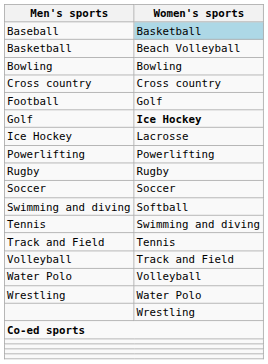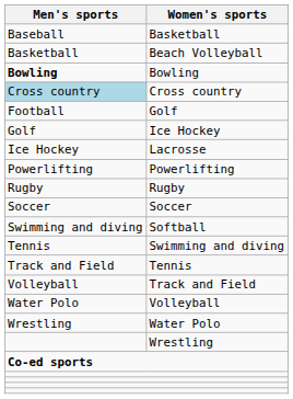 <table class="wikitable" style=" ">
 <tr>
 <th width=150px>Men's sports</th>
 <th width=150px>Women's sports</th>
 </tr>
 <tr>
 <td>Baseball</td>
-<td style="background: lightblue;">Basketball</td>
+<td>Basketball</td>
 </tr>
 <tr>
 <td>Basketball</td>
 <td>Beach Volleyball</td>
 </tr>
 <tr>
-<td>Bowling</td>
+<td><strong>Bowling</strong></td>
 <td>Bowling</td>
 </tr>
 <tr>
-<td>Cross country</td>
+<td style="background: lightblue;">Cross country</td>
 <td>Cross country</td>
 </tr>
 <tr>
 <td>Football</td>
 <td>Golf</td>
 </tr>
 <tr>
 <td>Golf</td>
-<td><strong>Ice Hockey </strong></td>
+<td>Ice Hockey </td>
 </tr>
 <tr>
 <td>Ice Hockey </td>
 <td>Lacrosse</td>
 </tr>
 <tr>
 <td>Powerlifting</td>
 <td>Powerlifting</td>
 </tr>
 <tr>
 <td>Rugby</td>
 <td>Rugby</td>
 </tr>
 <tr>
 <td>Soccer</td>
 <td>Soccer</td>
 </tr>
 <tr>
 <td>Swimming and diving</td>
 <td>Softball</td>
 </tr>
 <tr>
 <td>Tennis</td>
 <td>Swimming and diving</td>
 </tr>
 <tr>
 <td>Track and Field</td>
 <td>Tennis</td>
 </tr>
 <tr>
 <td>Volleyball</td>
 <td>Track and Field</td>
 </tr>
 <tr>
 <td>Water Polo</td>
 <td>Volleyball</td>
 </tr>
 <tr>
 <td>Wrestling</td>
 <td>Water Polo</td>
 </tr>
 <tr>
 <td></td>
 <td>Wrestling</td>
 </tr>
 <tr>
 <td colspan="2"><strong>Co-ed sports</strong></td>
 </tr>
 <tr>
 <td colspan=2></td>
 </tr>
 <tr>
 <td colspan=2></td>
 </tr>
 <tr>
 <td colspan=2></td>
 </tr>
 <tr>
 <td colspan="2"></td>
 </tr>
 </table>
